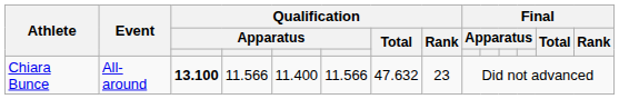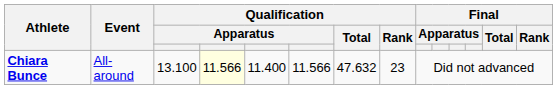 <table class="wikitable" style="font-size:90%">
 <tr>
 <th rowspan=3>Athlete</th>
 <th rowspan=3>Event</th>
 <th colspan=6>Qualification</th>
 <th colspan=6>Final</th>
 </tr>
 <tr style="font-size:95%">
 <th colspan=4>Apparatus</th>
 <th rowspan=2>Total</th>
 <th rowspan=2>Rank</th>
 <th colspan=4>Apparatus</th>
 <th rowspan=2>Total</th>
 <th rowspan=2>Rank</th>
 </tr>
 <tr style="font-size:95%">
 <th></th>
 <th></th>
 <th></th>
 <th></th>
 <th></th>
 <th></th>
 <th></th>
 <th></th>
 </tr>
 <tr align=center>
-<td align=left><a href='#'>Chiara Bunce</a></td>
+<td align=left><strong><a href='#'>Chiara Bunce</a></strong></td>
 <td align=left><a href='#'>All-around</a></td>
-<td><strong>13.100</strong></td>
-<td>11.566</td>
+<td>13.100</td>
+<td style="background: lightyellow;">11.566</td>
 <td>11.400</td>
 <td>11.566</td>
 <td>47.632</td>
 <td>23</td>
 <td colspan=6>Did not advanced</td>
 </tr>
 </table>
